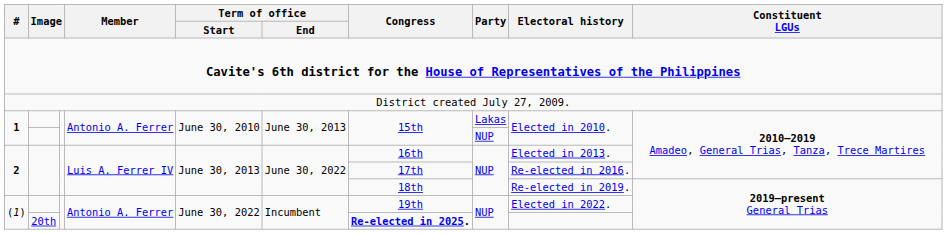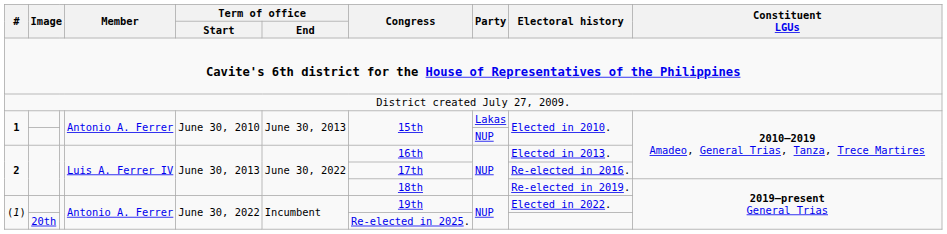 <table class="wikitable">
 <tr>
 <th rowspan="2">#</th>
 <th rowspan="2" colspan="2">Image</th>
 <th rowspan="2">Member</th>
 <th colspan=2>Term of office</th>
 <th rowspan="2">Congress</th>
 <th rowspan="2">Party</th>
 <th rowspan="2">Electoral history</th>
 <th rowspan="2" width="33%">Constituent<br><a href='#'>LGUs</a></th>
 </tr>
 <tr>
 <th>Start</th>
 <th>End</th>
 </tr>
 <tr>
 <td colspan="10" style="text-align:center;"><br><h3>Cavite's 6th district for the <a href='#'>House of Representatives of the Philippines</a></h3></td>
 </tr>
 <tr>
 <td colspan="10" style="text-align:center;">District created July 27, 2009.</td>
 </tr>
 <tr>
 <td style="text-align:center;" rowspan=2><strong>1</strong></td>
 <td style="color:inherit;background:"></td>
 <td rowspan=2></td>
 <td rowspan=2><a href='#'>Antonio A. Ferrer</a></td>
 <td rowspan=2>June 30, 2010</td>
 <td rowspan=2>June 30, 2013</td>
 <td style="text-align:center;" rowspan=2><a href='#'>15th</a></td>
 <td><a href='#'>Lakas</a></td>
 <td rowspan=2><a href='#'>Elected in 2010</a>.</td>
 <td rowspan="4" style="text-align:center;"><strong>2010–2019</strong><br><a href='#'>Amadeo</a>, <a href='#'>General Trias</a>, <a href='#'>Tanza</a>, <a href='#'>Trece Martires</a></td>
 </tr>
 <tr>
 <td style="color:inherit;background:"></td>
 <td><a href='#'>NUP</a></td>
 </tr>
 <tr>
 <td style="text-align:center;" rowspan="3"><strong>2</strong></td>
 <td rowspan="3" style="color:inherit;background:"></td>
 <td rowspan="3"></td>
 <td rowspan="3"><a href='#'>Luis A. Ferrer IV</a></td>
 <td rowspan="3">June 30, 2013</td>
 <td rowspan="3">June 30, 2022</td>
 <td style="text-align:center;"><a href='#'>16th</a></td>
 <td rowspan="3"><a href='#'>NUP</a></td>
 <td><a href='#'>Elected in 2013</a>.</td>
 </tr>
 <tr>
 <td style="text-align:center;"><a href='#'>17th</a></td>
 <td><a href='#'>Re-elected in 2016</a>.</td>
 </tr>
 <tr>
 <td style="text-align:center;"><a href='#'>18th</a></td>
 <td><a href='#'>Re-elected in 2019</a>.</td>
 <td rowspan="3" style="text-align:center;"><strong>2019–present</strong><br><a href='#'>General Trias</a></td>
 </tr>
 <tr>
 <td style="text-align:center;" rowspan="2">(<em>1</em>)</td>
 <td style="color:inherit;background:"></td>
 <td rowspan="2"></td>
 <td rowspan="2"><a href='#'>Antonio A. Ferrer</a></td>
 <td rowspan="2">June 30, 2022</td>
 <td rowspan="2">Incumbent</td>
 <td style="text-align:center;"><a href='#'>19th</a></td>
 <td rowspan="2"><a href='#'>NUP</a></td>
 <td><a href='#'>Elected in 2022</a>.</td>
 </tr>
 <tr>
 <td style="text-align:center;"><a href='#'>20th</a></td>
-<td><strong><a href='#'>Re-elected in 2025</a>.</strong></td>
+<td><a href='#'>Re-elected in 2025</a>.</td>
 </tr>
 </table>
